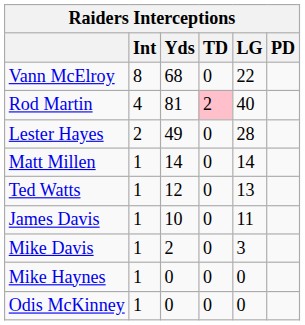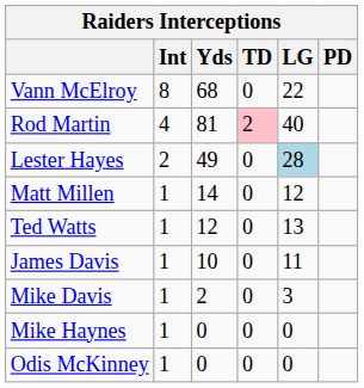 <table class="wikitable">
 <tr>
 <th colspan="6">Raiders Interceptions</th>
 </tr>
 <tr>
 <th></th>
 <th>Int</th>
 <th>Yds</th>
 <th>TD</th>
 <th>LG</th>
 <th>PD</th>
 </tr>
 <tr>
 <td><a href='#'>Vann McElroy</a></td>
 <td>8</td>
 <td>68</td>
 <td>0</td>
 <td>22</td>
 <td></td>
 </tr>
 <tr>
 <td><a href='#'>Rod Martin</a></td>
 <td>4</td>
 <td>81</td>
 <td style="background: pink;">2</td>
 <td>40</td>
 <td></td>
 </tr>
 <tr>
 <td><a href='#'>Lester Hayes</a></td>
 <td>2</td>
 <td>49</td>
 <td>0</td>
-<td>28</td>
+<td style="background: lightblue;">28</td>
 <td></td>
 </tr>
 <tr>
 <td><a href='#'>Matt Millen</a></td>
 <td>1</td>
 <td>14</td>
 <td>0</td>
-<td>14</td>
+<td>12</td>
 <td></td>
 </tr>
 <tr>
 <td><a href='#'>Ted Watts</a></td>
 <td>1</td>
 <td>12</td>
 <td>0</td>
 <td>13</td>
 <td></td>
 </tr>
 <tr>
 <td><a href='#'>James Davis</a></td>
 <td>1</td>
 <td>10</td>
 <td>0</td>
 <td>11</td>
 <td></td>
 </tr>
 <tr>
 <td><a href='#'>Mike Davis</a></td>
 <td>1</td>
 <td>2</td>
 <td>0</td>
 <td>3</td>
 <td></td>
 </tr>
 <tr>
 <td><a href='#'>Mike Haynes</a></td>
 <td>1</td>
 <td>0</td>
 <td>0</td>
 <td>0</td>
 <td></td>
 </tr>
 <tr>
 <td><a href='#'>Odis McKinney</a></td>
 <td>1</td>
 <td>0</td>
 <td>0</td>
 <td>0</td>
 <td></td>
 </tr>
 </table>
